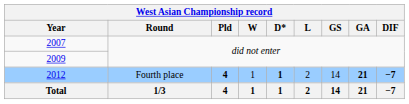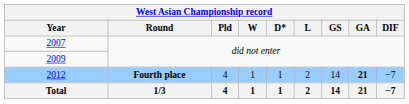 <table class="wikitable" style="text-align: center;font-size:90%;">
 <tr>
 <th colspan=9><a href='#'>West Asian Championship record</a></th>
 </tr>
 <tr>
 <th width=150>Year</th>
 <th width=150>Round</th>
 <th width=35>Pld</th>
 <th width=35>W</th>
 <th width=35>D*</th>
 <th width=35>L</th>
 <th width=35>GS</th>
 <th width=35>GA</th>
 <th width=35>DIF</th>
 </tr>
 <tr>
 <td> <a href='#'>2007</a></td>
 <td colspan="8" rowspan="2"><em>did not enter</em></td>
 </tr>
 <tr>
 <td> <a href='#'>2009</a></td>
 </tr>
 <tr bgcolor=#9acdff>
 <td> <a href='#'>2012</a></td>
-<td>Fourth place</td>
-<td><strong>4</strong></td>
+<td><strong>Fourth place</strong></td>
+<td>4</td>
 <td>1</td>
-<td><strong>1</strong></td>
+<td>1</td>
 <td>2</td>
 <td>14</td>
 <td><strong>21</strong></td>
-<td><strong>−7</strong></td>
+<td>−7</td>
 </tr>
 <tr>
 <th><strong>Total</strong></th>
 <th>1/3</th>
 <th>4</th>
 <th>1</th>
 <th>1</th>
 <th>2</th>
 <th>14</th>
 <th>21</th>
 <th>−7</th>
 </tr>
 </table>
